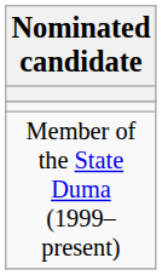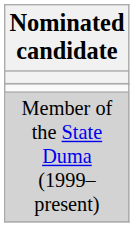 <table class="wikitable" style="font-size:90%; text-align:center">
 <tr>
 <td style="background:#f1f1f1;"><big><strong>Nominated candidate</strong></big></td>
 </tr>
 <tr>
 <th style="width:3em; font-size:135%; background:"></th>
 </tr>
 <tr style="color:#000; font-size:100%; background:lightsteelblue;">
 </tr>
 <tr>
 <td></td>
 </tr>
 <tr>
-<td>Member of the <a href='#'>State Duma</a><br>(1999–present)</td>
+<td style="background: lightgrey;">Member of the <a href='#'>State Duma</a><br>(1999–present)</td>
 </tr>
 </table>
